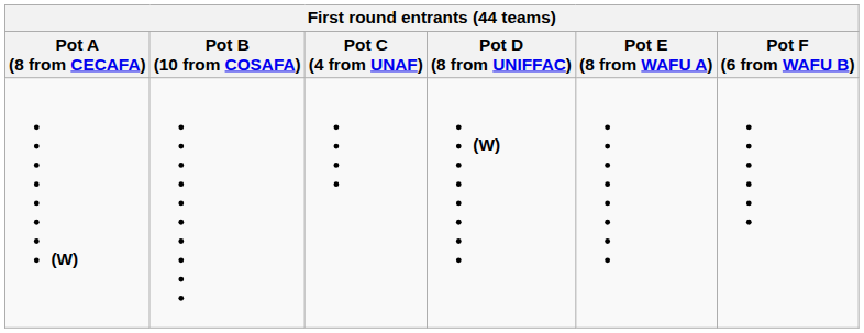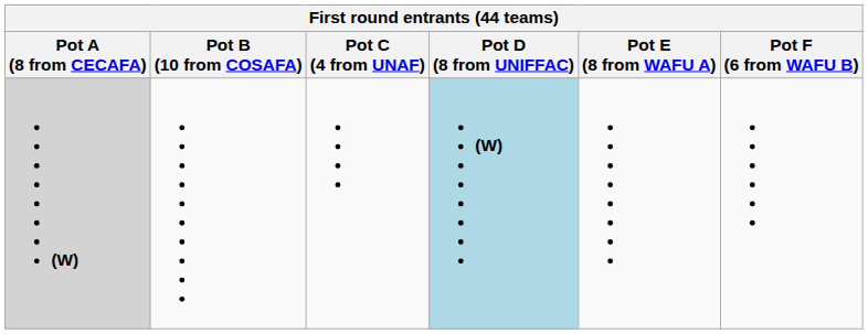 <table class="wikitable">
 <tr>
 <th colspan=6>First round entrants (44 teams)</th>
 </tr>
 <tr>
 <th>Pot A<br>(8 from <a href='#'>CECAFA</a>)</th>
 <th>Pot B<br>(10 from <a href='#'>COSAFA</a>)</th>
 <th>Pot C <br>(4 from <a href='#'>UNAF</a>)</th>
 <th>Pot D<br>(8 from <a href='#'>UNIFFAC</a>)</th>
 <th>Pot E<br>(8 from <a href='#'>WAFU A</a>)</th>
 <th>Pot F<br>(6 from <a href='#'>WAFU B</a>)</th>
 </tr>
 <tr>
-<td valign=top><br><ul><li></li><li></li><li></li><li></li><li></li><li></li><li></li><li> <strong>(W)</strong></li></ul></td>
+<td valign=top style="background: lightgrey;"><br><ul><li></li><li></li><li></li><li></li><li></li><li></li><li></li><li> <strong>(W)</strong></li></ul></td>
 <td valign=top><br><ul><li></li><li></li><li></li><li></li><li></li><li></li><li></li><li></li><li></li><li></li></ul></td>
 <td valign=top><br><ul><li></li><li></li><li></li><li></li></ul></td>
-<td valign=top><br><ul><li></li><li> <strong>(W)</strong></li><li></li><li></li><li></li><li></li><li></li><li></li></ul></td>
+<td valign=top style="background: lightblue;"><br><ul><li></li><li> <strong>(W)</strong></li><li></li><li></li><li></li><li></li><li></li><li></li></ul></td>
 <td valign=top><br><ul><li></li><li></li><li></li><li></li><li></li><li></li><li></li><li></li></ul></td>
 <td valign=top><br><ul><li></li><li></li><li></li><li></li><li></li><li></li></ul></td>
 </tr>
 </table>
